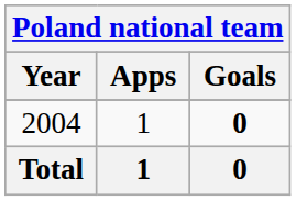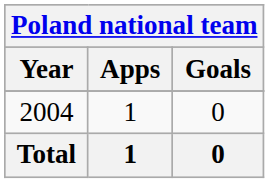 <table class="wikitable" style="text-align:center">
 <tr>
 <th colspan=3><a href='#'>Poland national team</a></th>
 </tr>
 <tr>
 <th>Year</th>
 <th>Apps</th>
 <th>Goals</th>
 </tr>
 <tr>
 </tr>
 <tr>
 <td>2004</td>
 <td>1</td>
-<td><strong>0</strong></td>
+<td>0</td>
 </tr>
 <tr>
 <th>Total</th>
 <th>1</th>
 <th>0</th>
 </tr>
 </table>
